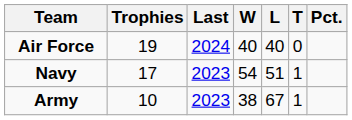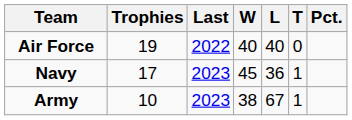 <table class="wikitable sortable" style="font-size: 100%;text-align: center;">
 <tr>
 <th>Team</th>
 <th>Trophies</th>
 <th>Last</th>
 <th>W</th>
 <th>L</th>
 <th>T</th>
 <th>Pct.</th>
 </tr>
 <tr>
 <td>  <strong>Air Force</strong>  </td>
 <td>19</td>
-<td><a href='#'>2024</a></td>
+<td><a href='#'>2022</a></td>
 <td>40</td>
 <td>40</td>
 <td>0</td>
 <td></td>
 </tr>
 <tr>
 <td><strong>Navy</strong></td>
 <td>17</td>
 <td><a href='#'>2023</a></td>
-<td>54</td>
-<td>51</td>
+<td>45</td>
+<td>36</td>
 <td>1</td>
 <td></td>
 </tr>
 <tr>
 <td><strong>Army</strong></td>
 <td>10</td>
 <td><a href='#'>2023</a></td>
 <td>38</td>
 <td>67</td>
 <td>1</td>
 <td></td>
 </tr>
 </table>
